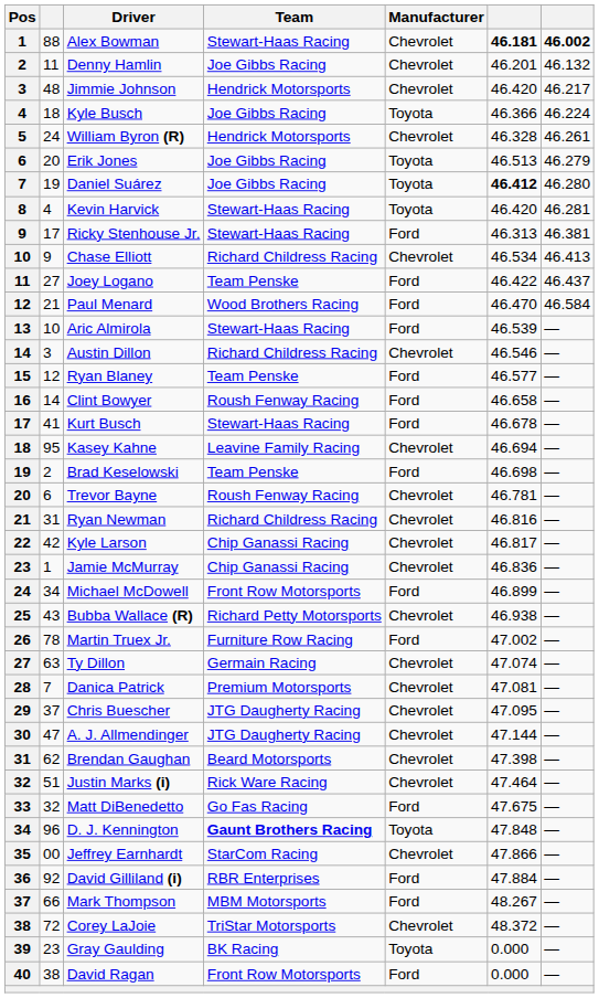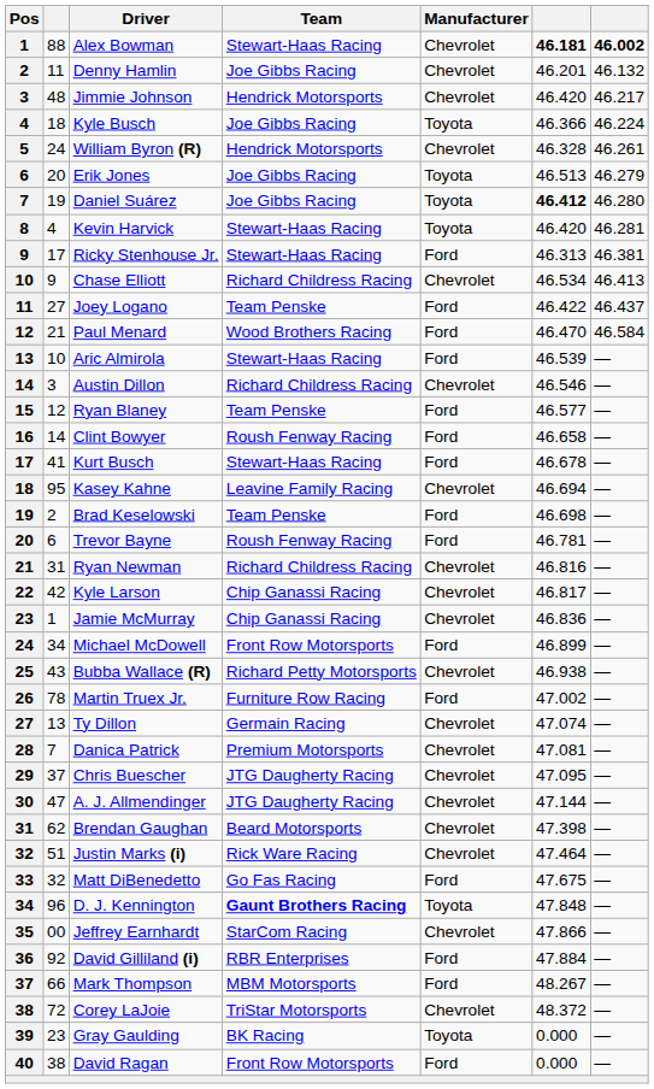 <table class="wikitable" style="font-size:95%">
 <tr>
 <th>Pos</th>
 <th></th>
 <th>Driver</th>
 <th>Team</th>
 <th>Manufacturer</th>
 <th></th>
 <th></th>
 </tr>
 <tr>
 <th>1</th>
 <td>88</td>
 <td><a href='#'>Alex Bowman</a></td>
 <td><a href='#'>Stewart-Haas Racing</a></td>
 <td>Chevrolet</td>
 <td><strong>46.181</strong></td>
 <td><strong>46.002</strong></td>
 </tr>
 <tr>
 <th>2</th>
 <td>11</td>
 <td><a href='#'>Denny Hamlin</a></td>
 <td><a href='#'>Joe Gibbs Racing</a></td>
 <td>Chevrolet</td>
 <td>46.201</td>
 <td>46.132</td>
 </tr>
 <tr>
 <th>3</th>
 <td>48</td>
 <td><a href='#'>Jimmie Johnson</a></td>
 <td><a href='#'>Hendrick Motorsports</a></td>
 <td>Chevrolet</td>
 <td>46.420</td>
 <td>46.217</td>
 </tr>
 <tr>
 <th>4</th>
 <td>18</td>
 <td><a href='#'>Kyle Busch</a></td>
 <td><a href='#'>Joe Gibbs Racing</a></td>
 <td>Toyota</td>
 <td>46.366</td>
 <td>46.224</td>
 </tr>
 <tr>
 <th>5</th>
 <td>24</td>
 <td><a href='#'>William Byron</a> <strong>(R)</strong></td>
 <td><a href='#'>Hendrick Motorsports</a></td>
 <td>Chevrolet</td>
 <td>46.328</td>
 <td>46.261</td>
 </tr>
 <tr>
 <th>6</th>
 <td>20</td>
 <td><a href='#'>Erik Jones</a></td>
 <td><a href='#'>Joe Gibbs Racing</a></td>
 <td>Toyota</td>
 <td>46.513</td>
 <td>46.279</td>
 </tr>
 <tr>
 <th>7</th>
 <td>19</td>
 <td><a href='#'>Daniel Suárez</a></td>
 <td><a href='#'>Joe Gibbs Racing</a></td>
 <td>Toyota</td>
 <td><strong>46.412</strong></td>
 <td>46.280</td>
 </tr>
 <tr>
 <th>8</th>
 <td>4</td>
 <td><a href='#'>Kevin Harvick</a></td>
 <td><a href='#'>Stewart-Haas Racing</a></td>
 <td>Toyota</td>
 <td>46.420</td>
 <td>46.281</td>
 </tr>
 <tr>
 <th>9</th>
 <td>17</td>
 <td><a href='#'>Ricky Stenhouse Jr.</a></td>
 <td><a href='#'>Stewart-Haas Racing</a></td>
 <td>Ford</td>
 <td>46.313</td>
 <td>46.381</td>
 </tr>
 <tr>
 <th>10</th>
 <td>9</td>
 <td><a href='#'>Chase Elliott</a></td>
 <td><a href='#'>Richard Childress Racing</a></td>
 <td>Chevrolet</td>
 <td>46.534</td>
 <td>46.413</td>
 </tr>
 <tr>
 <th>11</th>
 <td>27</td>
 <td><a href='#'>Joey Logano</a></td>
 <td><a href='#'>Team Penske</a></td>
 <td>Ford</td>
 <td>46.422</td>
 <td>46.437</td>
 </tr>
 <tr>
 <th>12</th>
 <td>21</td>
 <td><a href='#'>Paul Menard</a></td>
 <td><a href='#'>Wood Brothers Racing</a></td>
 <td>Ford</td>
 <td>46.470</td>
 <td>46.584</td>
 </tr>
 <tr>
 <th>13</th>
 <td>10</td>
 <td><a href='#'>Aric Almirola</a></td>
 <td><a href='#'>Stewart-Haas Racing</a></td>
 <td>Ford</td>
 <td>46.539</td>
 <td>—</td>
 </tr>
 <tr>
 <th>14</th>
 <td>3</td>
 <td><a href='#'>Austin Dillon</a></td>
 <td><a href='#'>Richard Childress Racing</a></td>
 <td>Chevrolet</td>
 <td>46.546</td>
 <td>—</td>
 </tr>
 <tr>
 <th>15</th>
 <td>12</td>
 <td><a href='#'>Ryan Blaney</a></td>
 <td><a href='#'>Team Penske</a></td>
 <td>Ford</td>
 <td>46.577</td>
 <td>—</td>
 </tr>
 <tr>
 <th>16</th>
 <td>14</td>
 <td><a href='#'>Clint Bowyer</a></td>
 <td><a href='#'>Roush Fenway Racing</a></td>
 <td>Ford</td>
 <td>46.658</td>
 <td>—</td>
 </tr>
 <tr>
 <th>17</th>
 <td>41</td>
 <td><a href='#'>Kurt Busch</a></td>
 <td><a href='#'>Stewart-Haas Racing</a></td>
 <td>Ford</td>
 <td>46.678</td>
 <td>—</td>
 </tr>
 <tr>
 <th>18</th>
 <td>95</td>
 <td><a href='#'>Kasey Kahne</a></td>
 <td><a href='#'>Leavine Family Racing</a></td>
 <td>Chevrolet</td>
 <td>46.694</td>
 <td>—</td>
 </tr>
 <tr>
 <th>19</th>
 <td>2</td>
 <td><a href='#'>Brad Keselowski</a></td>
 <td><a href='#'>Team Penske</a></td>
 <td>Ford</td>
 <td>46.698</td>
 <td>—</td>
 </tr>
 <tr>
 <th>20</th>
 <td>6</td>
 <td><a href='#'>Trevor Bayne</a></td>
 <td><a href='#'>Roush Fenway Racing</a></td>
-<td>Chevrolet</td>
+<td>Ford</td>
 <td>46.781</td>
 <td>—</td>
 </tr>
 <tr>
 <th>21</th>
 <td>31</td>
 <td><a href='#'>Ryan Newman</a></td>
 <td><a href='#'>Richard Childress Racing</a></td>
 <td>Chevrolet</td>
 <td>46.816</td>
 <td>—</td>
 </tr>
 <tr>
 <th>22</th>
 <td>42</td>
 <td><a href='#'>Kyle Larson</a></td>
 <td><a href='#'>Chip Ganassi Racing</a></td>
 <td>Chevrolet</td>
 <td>46.817</td>
 <td>—</td>
 </tr>
 <tr>
 <th>23</th>
 <td>1</td>
 <td><a href='#'>Jamie McMurray</a></td>
 <td><a href='#'>Chip Ganassi Racing</a></td>
 <td>Chevrolet</td>
 <td>46.836</td>
 <td>—</td>
 </tr>
 <tr>
 <th>24</th>
 <td>34</td>
 <td><a href='#'>Michael McDowell</a></td>
 <td><a href='#'>Front Row Motorsports</a></td>
 <td>Ford</td>
 <td>46.899</td>
 <td>—</td>
 </tr>
 <tr>
 <th>25</th>
 <td>43</td>
 <td><a href='#'>Bubba Wallace</a> <strong>(R)</strong></td>
 <td><a href='#'>Richard Petty Motorsports</a></td>
 <td>Chevrolet</td>
 <td>46.938</td>
 <td>—</td>
 </tr>
 <tr>
 <th>26</th>
 <td>78</td>
 <td><a href='#'>Martin Truex Jr.</a></td>
 <td><a href='#'>Furniture Row Racing</a></td>
 <td>Ford</td>
 <td>47.002</td>
 <td>—</td>
 </tr>
 <tr>
 <th>27</th>
-<td>63</td>
+<td>13</td>
 <td><a href='#'>Ty Dillon</a></td>
 <td><a href='#'>Germain Racing</a></td>
 <td>Chevrolet</td>
 <td>47.074</td>
 <td>—</td>
 </tr>
 <tr>
 <th>28</th>
 <td>7</td>
 <td><a href='#'>Danica Patrick</a></td>
 <td><a href='#'>Premium Motorsports</a></td>
 <td>Chevrolet</td>
 <td>47.081</td>
 <td>—</td>
 </tr>
 <tr>
 <th>29</th>
 <td>37</td>
 <td><a href='#'>Chris Buescher</a></td>
 <td><a href='#'>JTG Daugherty Racing</a></td>
 <td>Chevrolet</td>
 <td>47.095</td>
 <td>—</td>
 </tr>
 <tr>
 <th>30</th>
 <td>47</td>
 <td><a href='#'>A. J. Allmendinger</a></td>
 <td><a href='#'>JTG Daugherty Racing</a></td>
 <td>Chevrolet</td>
 <td>47.144</td>
 <td>—</td>
 </tr>
 <tr>
 <th>31</th>
 <td>62</td>
 <td><a href='#'>Brendan Gaughan</a></td>
 <td><a href='#'>Beard Motorsports</a></td>
 <td>Chevrolet</td>
 <td>47.398</td>
 <td>—</td>
 </tr>
 <tr>
 <th>32</th>
 <td>51</td>
 <td><a href='#'>Justin Marks</a> <strong>(i)</strong></td>
 <td><a href='#'>Rick Ware Racing</a></td>
 <td>Chevrolet</td>
 <td>47.464</td>
 <td>—</td>
 </tr>
 <tr>
 <th>33</th>
 <td>32</td>
 <td><a href='#'>Matt DiBenedetto</a></td>
 <td><a href='#'>Go Fas Racing</a></td>
 <td>Ford</td>
 <td>47.675</td>
 <td>—</td>
 </tr>
 <tr>
 <th>34</th>
 <td>96</td>
 <td><a href='#'>D. J. Kennington</a></td>
 <td><strong><a href='#'>Gaunt Brothers Racing</a></strong></td>
 <td>Toyota</td>
 <td>47.848</td>
 <td>—</td>
 </tr>
 <tr>
 <th>35</th>
 <td>00</td>
 <td><a href='#'>Jeffrey Earnhardt</a></td>
 <td><a href='#'>StarCom Racing</a></td>
 <td>Chevrolet</td>
 <td>47.866</td>
 <td>—</td>
 </tr>
 <tr>
 <th>36</th>
 <td>92</td>
 <td><a href='#'>David Gilliland</a> <strong>(i)</strong></td>
 <td><a href='#'>RBR Enterprises</a></td>
 <td>Ford</td>
 <td>47.884</td>
 <td>—</td>
 </tr>
 <tr>
 <th>37</th>
 <td>66</td>
 <td><a href='#'>Mark Thompson</a></td>
 <td><a href='#'>MBM Motorsports</a></td>
 <td>Ford</td>
 <td>48.267</td>
 <td>—</td>
 </tr>
 <tr>
 <th>38</th>
 <td>72</td>
 <td><a href='#'>Corey LaJoie</a></td>
 <td><a href='#'>TriStar Motorsports</a></td>
 <td>Chevrolet</td>
 <td>48.372</td>
 <td>—</td>
 </tr>
 <tr>
 <th>39</th>
 <td>23</td>
 <td><a href='#'>Gray Gaulding</a></td>
 <td><a href='#'>BK Racing</a></td>
 <td>Toyota</td>
 <td>0.000</td>
 <td>—</td>
 </tr>
 <tr>
 <th>40</th>
 <td>38</td>
 <td><a href='#'>David Ragan</a></td>
 <td><a href='#'>Front Row Motorsports</a></td>
 <td>Ford</td>
 <td>0.000</td>
 <td>—</td>
 </tr>
 <tr>
 <th colspan="7"></th>
 </tr>
 </table>
